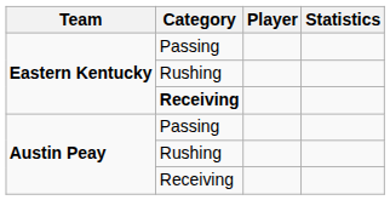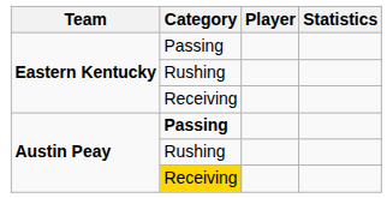 <table class="wikitable" style="float: right;">
 <tr>
 <th>Team</th>
 <th>Category</th>
 <th>Player</th>
 <th>Statistics</th>
 </tr>
 <tr>
 <td rowspan=3><strong>Eastern Kentucky</strong></td>
 <td>Passing</td>
 <td></td>
 <td></td>
 </tr>
 <tr>
 <td>Rushing</td>
 <td></td>
 <td></td>
 </tr>
 <tr>
-<td><strong>Receiving</strong></td>
+<td>Receiving</td>
 <td></td>
 <td></td>
 </tr>
 <tr>
 <td rowspan=3><strong>Austin Peay</strong></td>
-<td>Passing</td>
+<td><strong>Passing</strong></td>
 <td></td>
 <td></td>
 </tr>
 <tr>
 <td>Rushing</td>
 <td></td>
 <td></td>
 </tr>
 <tr>
-<td>Receiving</td>
+<td style="background: gold;">Receiving</td>
 <td></td>
 <td></td>
 </tr>
 </table>
